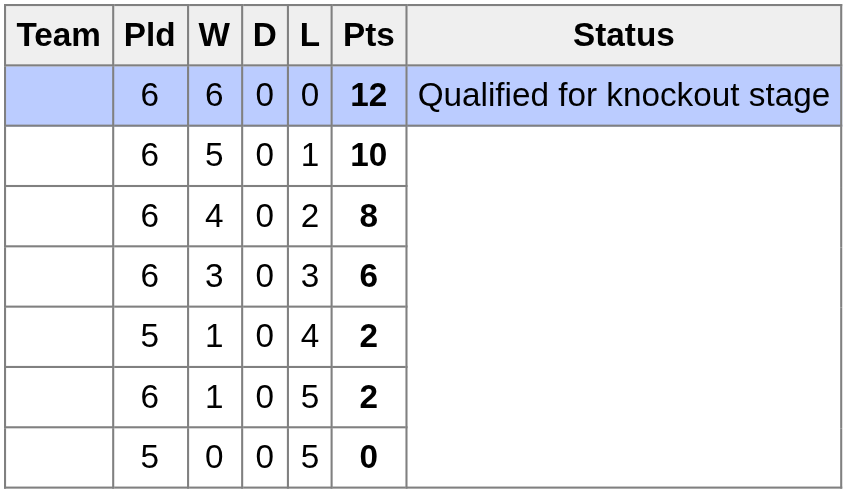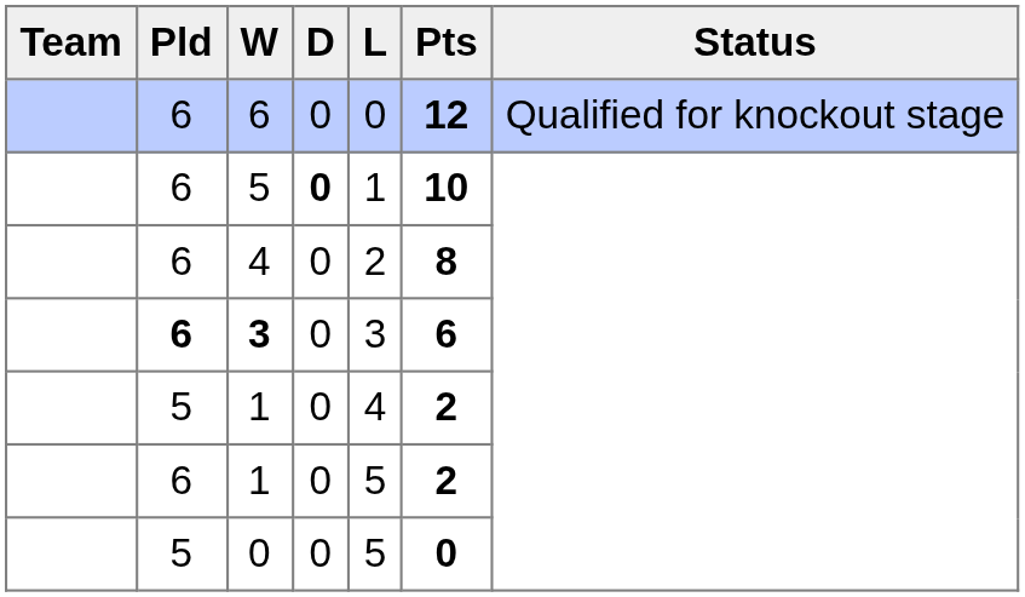 <table style=border-collapse:collapse border=1 cellspacing=0 cellpadding=5>
 <tr align=center bgcolor=#efefef>
 <th>Team</th>
 <th>Pld</th>
 <th>W</th>
 <th>D</th>
 <th>L</th>
 <th>Pts</th>
 <th>Status</th>
 </tr>
 <tr align=center style="background:#bbccff;">
 <td style="text-align:left;"> </td>
 <td>6</td>
 <td>6</td>
 <td>0</td>
 <td>0</td>
 <td><strong>12</strong></td>
 <td rowspan=1>Qualified for knockout stage</td>
 </tr>
 <tr align=center style="background:">
 <td style="text-align:left;"> </td>
 <td>6</td>
 <td>5</td>
-<td>0</td>
+<td><strong>0</strong></td>
 <td>1</td>
 <td><strong>10</strong></td>
 <td rowspan=6></td>
 </tr>
 <tr align=center style="background:">
 <td style="text-align:left;"> </td>
 <td>6</td>
 <td>4</td>
 <td>0</td>
 <td>2</td>
 <td><strong>8</strong></td>
 </tr>
 <tr align=center style="background:#FFFFFF;">
 <td style="text-align:left;"> </td>
-<td>6</td>
-<td>3</td>
+<td><strong>6</strong></td>
+<td><strong>3</strong></td>
 <td>0</td>
 <td>3</td>
 <td><strong>6</strong></td>
 </tr>
 <tr align=center style="background:#FFFFFF;">
 <td style="text-align:left;"> </td>
 <td>5</td>
 <td>1</td>
 <td>0</td>
 <td>4</td>
 <td><strong>2</strong></td>
 </tr>
 <tr align=center style="background:#FFFFFF;">
 <td style="text-align:left;"> </td>
 <td>6</td>
 <td>1</td>
 <td>0</td>
 <td>5</td>
 <td><strong>2</strong></td>
 </tr>
 <tr align=center style="background:#FFFFFF;">
 <td style="text-align:left;"> </td>
 <td>5</td>
 <td>0</td>
 <td>0</td>
 <td>5</td>
 <td><strong>0</strong></td>
 </tr>
 </table>
